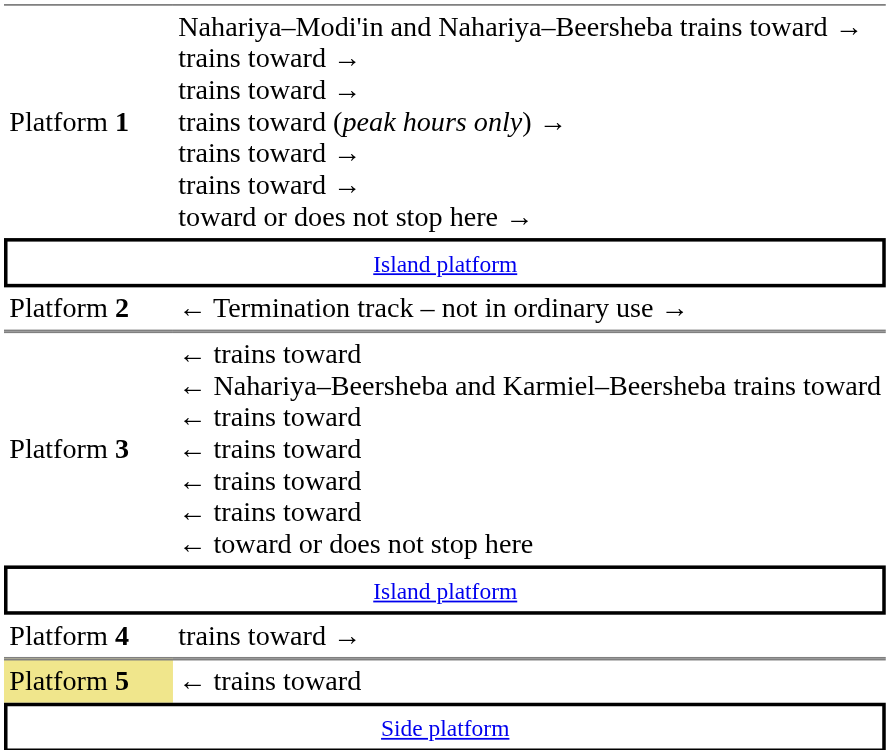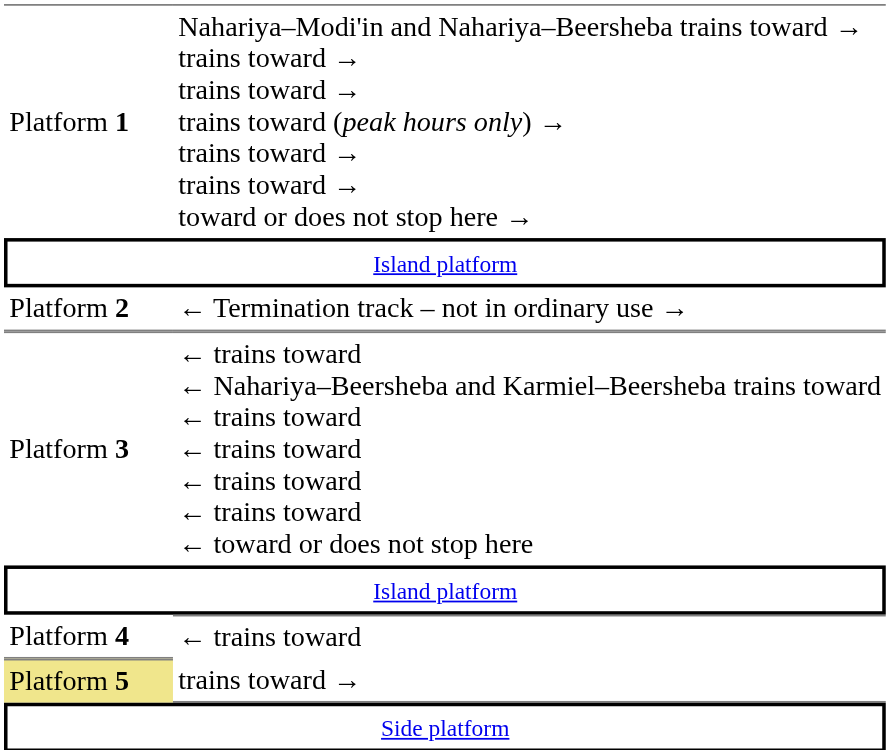 <table border=0 cellspacing=0 cellpadding=3>
 <tr>
 <td style="border-top:solid 1px gray;" width=90>Platform <strong>1</strong></td>
 <td style="border-top:solid 1px gray;">   Nahariya–Modi'in and Nahariya–Beersheba trains toward   →<br>  trains toward   →<br>  trains toward   →<br>  trains toward   (<em>peak hours only</em>) →<br>  trains toward   →<br>  trains toward   →<br>  toward  or  does not stop here →</td>
 </tr>
 <tr>
 <td style="border-top:solid 2px black;border-right:solid 2px black;border-left:solid 2px black;border-bottom:solid 2px black;text-align:center;" colspan=2><small><a href='#'>Island platform</a></small></td>
 </tr>
 <tr>
 <td style="border-bottom:solid 1px gray;">Platform <strong>2</strong></td>
 <td style="border-bottom:solid 1px gray;">← Termination track – not in ordinary use →</td>
 </tr>
 <tr>
 <td style="border-top:solid 1px gray;">Platform <strong>3</strong></td>
 <td style="border-top:solid 1px gray;">←  trains toward  <br>←   Nahariya–Beersheba and Karmiel–Beersheba trains toward  <br>←  trains toward  <br>←  trains toward  <br>←  trains toward  <br>←  trains toward  <br>←  toward  or   does not stop here</td>
 </tr>
 <tr>
 <td style="border-top:solid 2px black;border-right:solid 2px black;border-left:solid 2px black;border-bottom:solid 2px black;text-align:center;" colspan=2><small><a href='#'>Island platform</a></small></td>
 </tr>
 <tr>
 <td style="border-bottom:solid 1px gray;">Platform <strong>4</strong></td>
-<td style="border-bottom:solid 1px gray;">  trains toward   →</td>
+<td style="border-top:solid 1px gray;">←  trains toward  </td>
 </tr>
 <tr>
 <td style="background: khaki; border-top:solid 1px gray;">Platform <strong>5</strong></td>
-<td style="border-top:solid 1px gray;">←  trains toward  </td>
+<td style="border-bottom:solid 1px gray;">  trains toward   →</td>
 </tr>
 <tr>
 <td style="border-top:solid 2px black;border-right:solid 2px black;border-left:solid 2px black;border-bottom:solid 1px black;text-align:center;" colspan=2><small><a href='#'>Side platform</a></small></td>
 </tr>
 </table>
